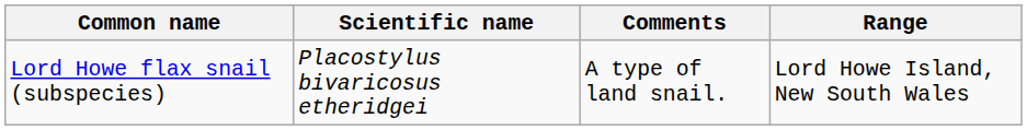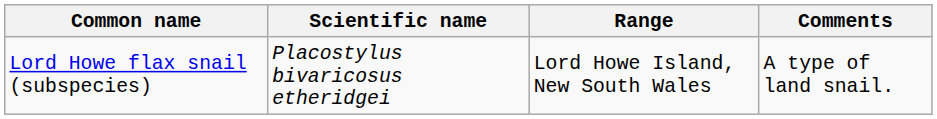 <table class="wikitable">
 <tr>
 <th>Common name</th>
 <th>Scientific name</th>
+<th>Range</th>
 <th class="unsortable">Comments</th>
-<th>Range</th>
 </tr>
 <tr>
 <td><a href='#'>Lord Howe flax snail</a> (subspecies)</td>
 <td><em>Placostylus bivaricosus etheridgei</em></td>
+<td>Lord Howe Island, New South Wales</td>
 <td>A type of land snail.</td>
-<td>Lord Howe Island, New South Wales</td>
 </tr>
 </table>
